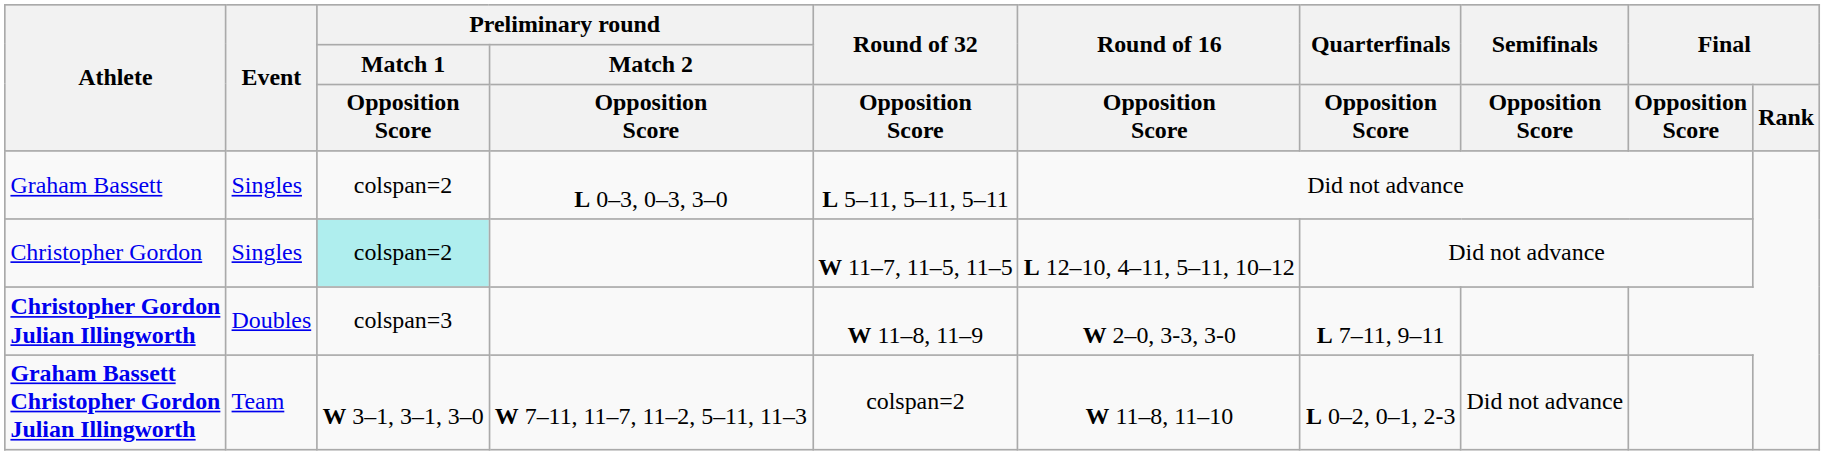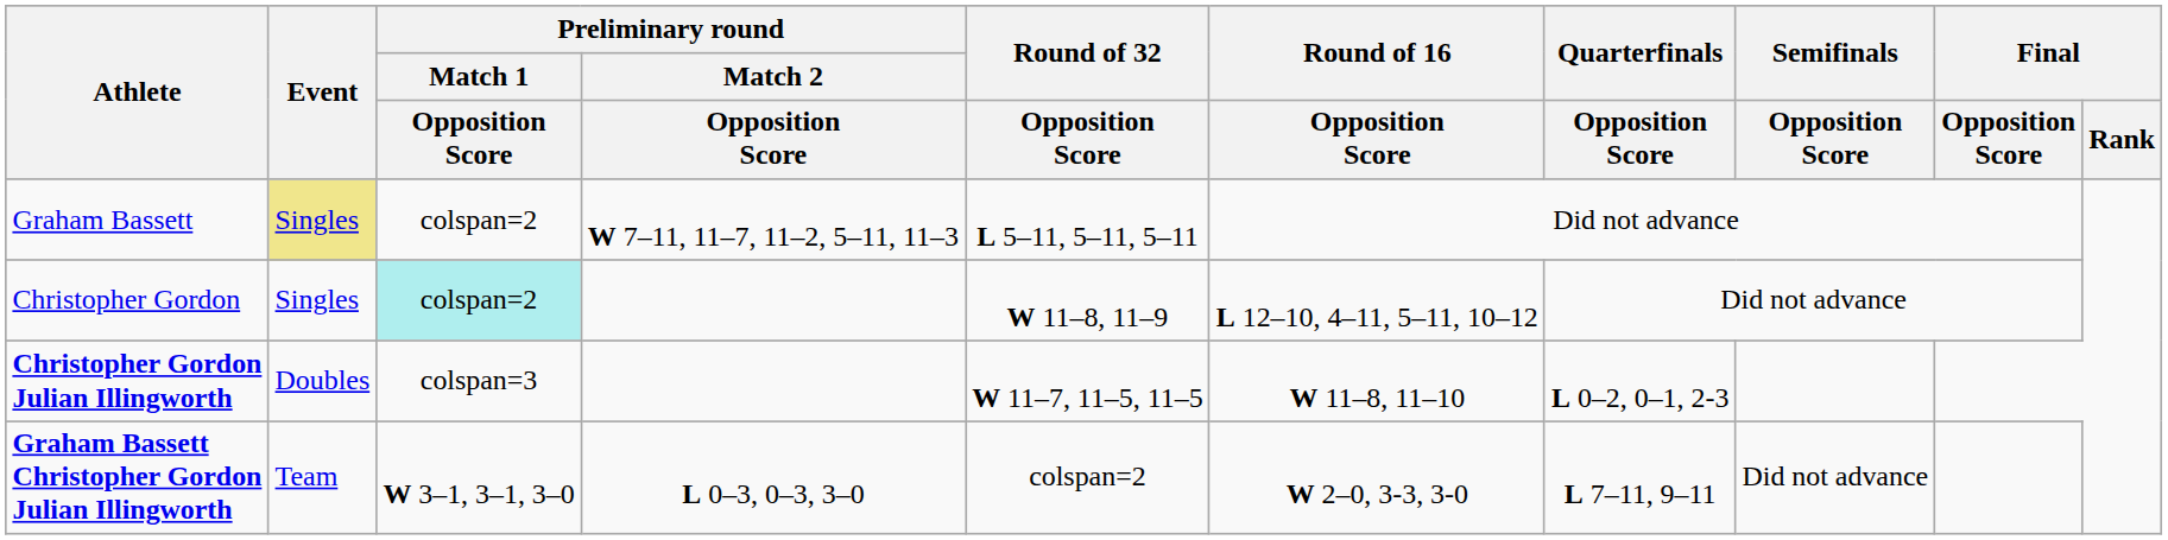 <table class="wikitable" style="font-size:90%">
 <tr>
 <th rowspan=3>Athlete</th>
 <th rowspan=3>Event</th>
 <th colspan=2>Preliminary round</th>
 <th rowspan=2>Round of 32</th>
 <th rowspan=2>Round of 16</th>
 <th rowspan=2>Quarterfinals</th>
 <th rowspan=2>Semifinals</th>
 <th colspan=2 rowspan=2>Final</th>
 </tr>
 <tr>
 <th>Match 1</th>
 <th>Match 2</th>
 </tr>
 <tr>
 <th>Opposition<br>Score</th>
 <th>Opposition<br>Score</th>
 <th>Opposition<br>Score</th>
 <th>Opposition<br>Score</th>
 <th>Opposition<br>Score</th>
 <th>Opposition<br>Score</th>
 <th>Opposition<br>Score</th>
 <th>Rank</th>
 </tr>
 <tr align=center>
 <td align=left><a href='#'>Graham Bassett</a></td>
-<td align=left><a href='#'>Singles</a></td>
+<td align=left style="background: khaki;"><a href='#'>Singles</a></td>
 <td>colspan=2 </td>
-<td><br><strong>L</strong> 0–3, 0–3, 3–0</td>
+<td><br><strong>W</strong> 7–11, 11–7, 11–2, 5–11, 11–3</td>
 <td><br><strong>L</strong> 5–11, 5–11, 5–11</td>
 <td colspan=4>Did not advance</td>
 </tr>
 <tr align=center>
 <td align=left><a href='#'>Christopher Gordon</a></td>
 <td align=left><a href='#'>Singles</a></td>
 <td style="background: paleturquoise;">colspan=2 </td>
 <td></td>
-<td><br><strong>W</strong> 11–7, 11–5, 11–5</td>
+<td><br><strong>W</strong> 11–8, 11–9</td>
 <td><br><strong>L</strong> 12–10, 4–11, 5–11, 10–12</td>
 <td colspan=3>Did not advance</td>
 </tr>
 <tr align=center>
 <td align=left><strong><a href='#'>Christopher Gordon</a><br><a href='#'>Julian Illingworth</a></strong></td>
 <td align=left><a href='#'>Doubles</a></td>
 <td>colspan=3 </td>
 <td></td>
-<td><br><strong>W</strong> 11–8, 11–9</td>
-<td><br><strong>W</strong> 2–0, 3-3, 3-0</td>
-<td><br><strong>L</strong> 7–11, 9–11</td>
+<td><br><strong>W</strong> 11–7, 11–5, 11–5</td>
+<td><br><strong>W</strong> 11–8, 11–10</td>
+<td><br><strong>L</strong> 0–2, 0–1, 2-3</td>
 <td></td>
 </tr>
 <tr align=center>
 <td align=left><strong><a href='#'>Graham Bassett</a><br><a href='#'>Christopher Gordon</a><br><a href='#'>Julian Illingworth</a></strong></td>
 <td align=left><a href='#'>Team</a></td>
 <td><br><strong>W</strong> 3–1, 3–1, 3–0</td>
-<td><br><strong>W</strong> 7–11, 11–7, 11–2, 5–11, 11–3</td>
+<td><br><strong>L</strong> 0–3, 0–3, 3–0</td>
 <td>colspan=2 </td>
-<td><br><strong>W</strong> 11–8, 11–10</td>
-<td><br><strong>L</strong> 0–2, 0–1, 2-3</td>
+<td><br><strong>W</strong> 2–0, 3-3, 3-0</td>
+<td><br><strong>L</strong> 7–11, 9–11</td>
 <td>Did not advance</td>
 <td></td>
 </tr>
 </table>
